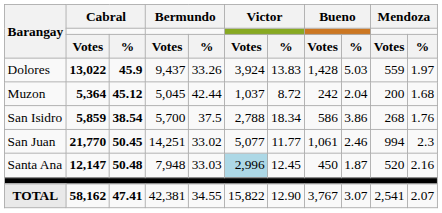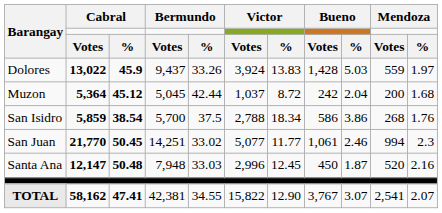 <table class="wikitable collapsible collapsed" style="text-align:right; font-size:95%; line-height:20px;">
 <tr>
 <th rowspan="3">Barangay</th>
 <th colspan="2">Cabral</th>
 <th colspan="2">Bermundo</th>
 <th colspan="2">Victor</th>
 <th colspan="2">Bueno</th>
 <th colspan="2">Mendoza</th>
 </tr>
 <tr>
 <td colspan="2" style="background:"></td>
 <td colspan="2" style="background:"></td>
 <td colspan="2" style="background:#87a922;"></td>
 <td colspan="2" style="background:#cc7722;"></td>
 <td colspan="2" style="background:"></td>
 </tr>
 <tr>
 <th>Votes</th>
 <th>%</th>
 <th>Votes</th>
 <th>%</th>
 <th>Votes</th>
 <th>%</th>
 <th>Votes</th>
 <th>%</th>
 <th>Votes</th>
 <th>%</th>
 </tr>
 <tr>
 <td align="left">Dolores</td>
 <td style="background:"><strong>13,022</strong></td>
 <td style="background:"><strong>45.9</strong></td>
 <td>9,437</td>
 <td>33.26</td>
 <td>3,924</td>
 <td>13.83</td>
 <td>1,428</td>
 <td>5.03</td>
 <td>559</td>
 <td>1.97</td>
 </tr>
 <tr>
 <td align="left">Muzon</td>
 <td style="background:"><strong>5,364</strong></td>
 <td style="background:"><strong>45.12</strong></td>
 <td>5,045</td>
 <td>42.44</td>
 <td>1,037</td>
 <td>8.72</td>
 <td>242</td>
 <td>2.04</td>
 <td>200</td>
 <td>1.68</td>
 </tr>
 <tr>
 <td align="left">San Isidro</td>
 <td style="background:"><strong>5,859</strong></td>
 <td style="background:"><strong>38.54</strong></td>
 <td>5,700</td>
 <td>37.5</td>
 <td>2,788</td>
 <td>18.34</td>
 <td>586</td>
 <td>3.86</td>
 <td>268</td>
 <td>1.76</td>
 </tr>
 <tr>
 <td align="left">San Juan</td>
 <td style="background:"><strong>21,770</strong></td>
 <td style="background:"><strong>50.45</strong></td>
 <td>14,251</td>
 <td>33.02</td>
 <td>5,077</td>
 <td>11.77</td>
 <td>1,061</td>
 <td>2.46</td>
 <td>994</td>
 <td>2.3</td>
 </tr>
 <tr>
 <td align="left">Santa Ana</td>
 <td style="background:"><strong>12,147</strong></td>
 <td style="background:"><strong>50.48</strong></td>
 <td>7,948</td>
 <td>33.03</td>
-<td style="background: lightblue;">2,996</td>
+<td>2,996</td>
 <td>12.45</td>
 <td>450</td>
 <td>1.87</td>
 <td>520</td>
 <td>2.16</td>
 </tr>
 <tr>
 <td colspan=11 bgcolor=black></td>
 </tr>
 <tr>
 <td style="background:#E9E9E9;" align="center"><strong>TOTAL</strong></td>
 <td style="background:"><strong>58,162</strong></td>
 <td style="background:"><strong>47.41</strong></td>
 <td>42,381</td>
 <td>34.55</td>
 <td>15,822</td>
 <td>12.90</td>
 <td>3,767</td>
 <td>3.07</td>
 <td>2,541</td>
 <td>2.07</td>
 </tr>
 </table>
